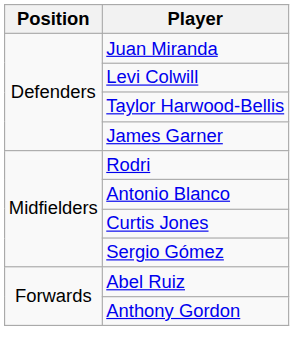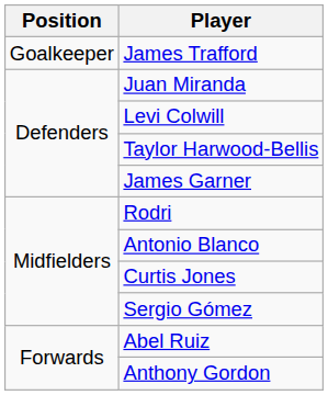 <table class="wikitable" style="text-align:center">
 <tr>
 <th>Position</th>
 <th>Player</th>
+</tr>
+<tr>
+<td>Goalkeeper</td>
+<td align=left> <a href='#'>James Trafford</a></td>
 </tr>
 <tr>
 <td rowspan=4>Defenders</td>
 <td align=left> <a href='#'>Juan Miranda</a></td>
 </tr>
 <tr>
 <td align=left> <a href='#'>Levi Colwill</a></td>
 </tr>
 <tr>
 <td align=left> <a href='#'>Taylor Harwood-Bellis</a></td>
 </tr>
 <tr>
 <td align=left> <a href='#'>James Garner</a></td>
 </tr>
 <tr>
 <td rowspan=4>Midfielders</td>
 <td align=left> <a href='#'>Rodri</a></td>
 </tr>
 <tr>
 <td align=left> <a href='#'>Antonio Blanco</a></td>
 </tr>
 <tr>
 <td align=left> <a href='#'>Curtis Jones</a></td>
 </tr>
 <tr>
 <td align=left> <a href='#'>Sergio Gómez</a></td>
 </tr>
 <tr>
 <td rowspan=2>Forwards</td>
 <td align=left> <a href='#'>Abel Ruiz</a></td>
 </tr>
 <tr>
 <td align=left> <a href='#'>Anthony Gordon</a></td>
 </tr>
 </table>
